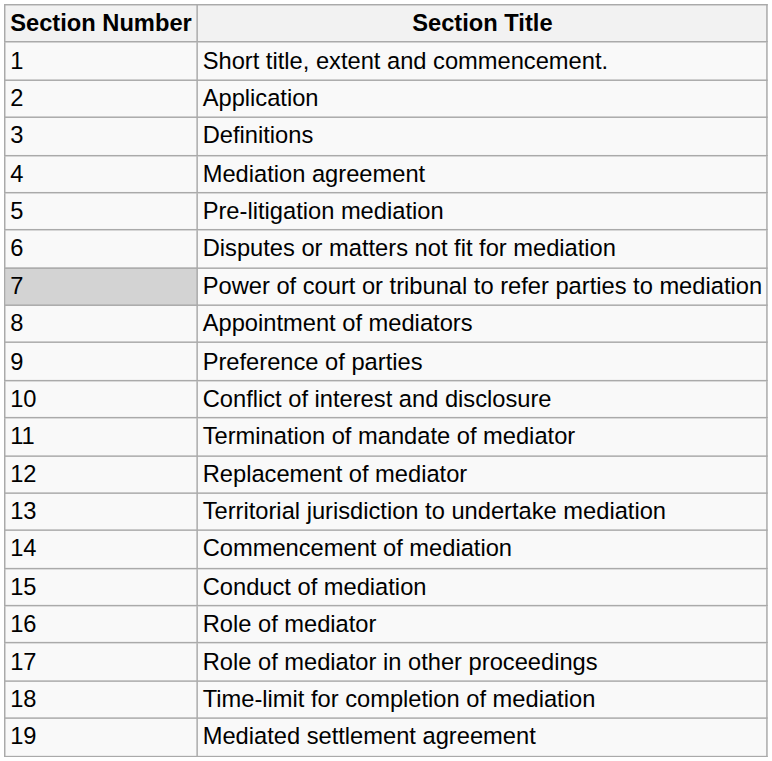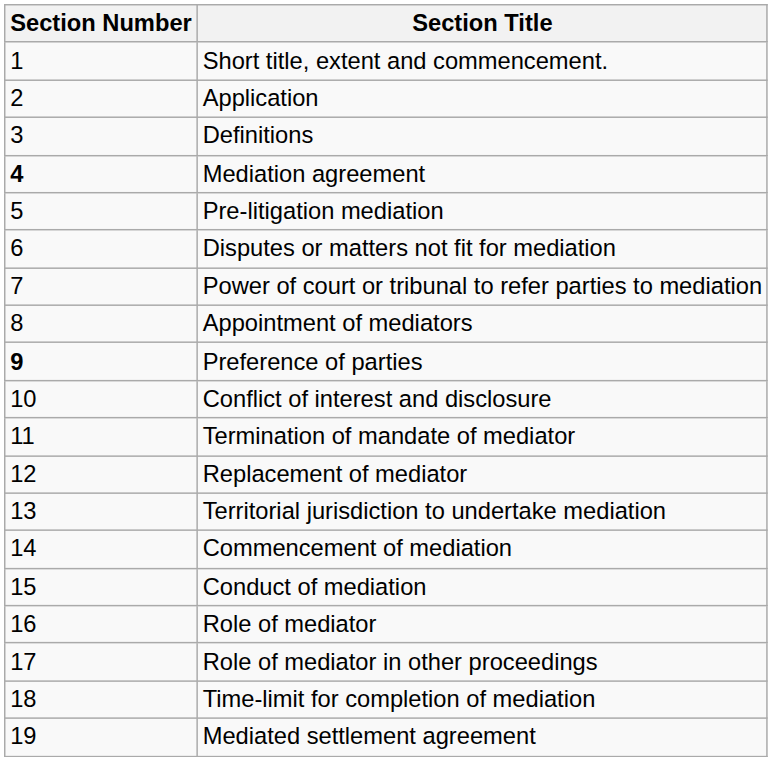 <table class="wikitable">
 <tr>
 <th>Section Number</th>
 <th>Section Title</th>
 </tr>
 <tr>
 <td>1</td>
 <td>Short title, extent and commencement.</td>
 </tr>
 <tr>
 <td>2</td>
 <td>Application</td>
 </tr>
 <tr>
 <td>3</td>
 <td>Definitions</td>
 </tr>
 <tr>
-<td>4</td>
+<td><strong>4</strong></td>
 <td>Mediation agreement</td>
 </tr>
 <tr>
 <td>5</td>
 <td>Pre-litigation mediation</td>
 </tr>
 <tr>
 <td>6</td>
 <td>Disputes or matters not fit for mediation</td>
 </tr>
 <tr>
-<td style="background: lightgrey;">7</td>
+<td>7</td>
 <td>Power of court or tribunal to refer parties to mediation</td>
 </tr>
 <tr>
 <td>8</td>
 <td>Appointment of mediators</td>
 </tr>
 <tr>
-<td>9</td>
+<td><strong>9</strong></td>
 <td>Preference of parties</td>
 </tr>
 <tr>
 <td>10</td>
 <td>Conflict of interest and disclosure</td>
 </tr>
 <tr>
 <td>11</td>
 <td>Termination of mandate of mediator</td>
 </tr>
 <tr>
 <td>12</td>
 <td>Replacement of mediator</td>
 </tr>
 <tr>
 <td>13</td>
 <td>Territorial jurisdiction to undertake mediation</td>
 </tr>
 <tr>
 <td>14</td>
 <td>Commencement of mediation</td>
 </tr>
 <tr>
 <td>15</td>
 <td>Conduct of mediation</td>
 </tr>
 <tr>
 <td>16</td>
 <td>Role of mediator</td>
 </tr>
 <tr>
 <td>17</td>
 <td>Role of mediator in other proceedings</td>
 </tr>
 <tr>
 <td>18</td>
 <td>Time-limit for completion of mediation</td>
 </tr>
 <tr>
 <td>19</td>
 <td>Mediated settlement agreement</td>
 </tr>
 </table>
